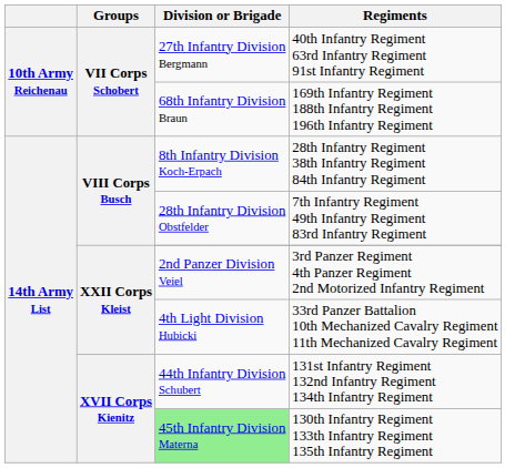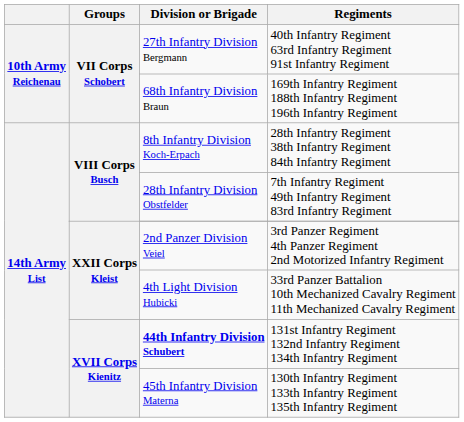 <table class="wikitable">
 <tr>
 <th></th>
 <th>Groups</th>
 <th>Division or Brigade</th>
 <th>Regiments</th>
 </tr>
 <tr>
 <th ROWSPAN=2><a href='#'>10th Army</a> <br><small><a href='#'>Reichenau</a></small></th>
 <th ROWSPAN=2>VII Corps <br><small><a href='#'>Schobert</a></small></th>
 <td><a href='#'>27th Infantry Division</a> <br><small>Bergmann</small></td>
 <td>40th Infantry Regiment <br> 63rd Infantry Regiment <br> 91st Infantry Regiment</td>
 </tr>
 <tr>
 <td><a href='#'>68th Infantry Division</a><br><small>Braun</small></td>
 <td>169th Infantry Regiment <br> 188th Infantry Regiment <br> 196th Infantry Regiment</td>
 </tr>
 <tr>
 <th ROWSPAN=7><a href='#'>14th Army</a> <br><small><a href='#'>List</a></small></th>
 <th ROWSPAN=2>VIII Corps <br><small><a href='#'>Busch</a></small></th>
 <td><a href='#'>8th Infantry Division</a> <br><small><a href='#'>Koch-Erpach</a></small></td>
 <td>28th Infantry Regiment <br> 38th Infantry Regiment <br> 84th Infantry Regiment</td>
 </tr>
 <tr>
 <td><a href='#'>28th Infantry Division</a> <br><small><a href='#'>Obstfelder</a></small></td>
 <td>7th Infantry Regiment <br> 49th Infantry Regiment <br> 83rd Infantry Regiment</td>
 </tr>
 <tr>
 <th ROWSPAN=3>XXII Corps <br><small><a href='#'>Kleist</a></small></th>
 </tr>
 <tr>
 <td><a href='#'>2nd Panzer Division</a> <br><small><a href='#'>Veiel</a></small></td>
 <td>3rd Panzer Regiment <br> 4th Panzer Regiment <br> 2nd Motorized Infantry Regiment</td>
 </tr>
 <tr>
 <td><a href='#'>4th Light Division</a> <br><small><a href='#'>Hubicki</a></small></td>
 <td>33rd Panzer Battalion <br> 10th Mechanized Cavalry Regiment <br> 11th Mechanized Cavalry Regiment</td>
 </tr>
 <tr>
 <th ROWSPAN=3><a href='#'>XVII Corps</a> <br><small><a href='#'>Kienitz</a></small></th>
-<td><a href='#'>44th Infantry Division</a> <br><small><a href='#'>Schubert</a></small></td>
+<td><strong><a href='#'>44th Infantry Division</a> <br><small><a href='#'>Schubert</a></small></strong></td>
 <td>131st Infantry Regiment <br> 132nd Infantry Regiment <br> 134th Infantry Regiment</td>
 </tr>
 <tr>
-<td style="background: lightgreen;"><a href='#'>45th Infantry Division</a> <br><small><a href='#'>Materna</a></small></td>
+<td><a href='#'>45th Infantry Division</a> <br><small><a href='#'>Materna</a></small></td>
 <td>130th Infantry Regiment <br> 133th Infantry Regiment <br> 135th Infantry Regiment</td>
 </tr>
 </table>
